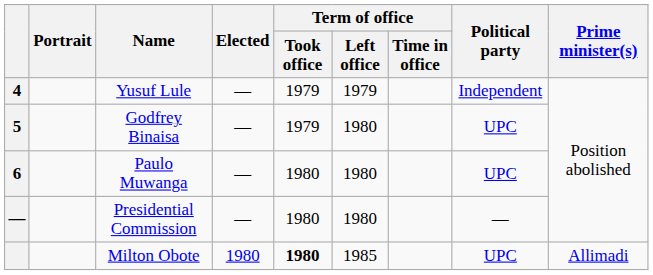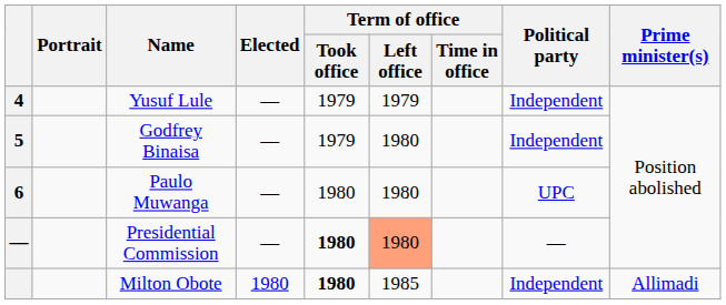 <table class="wikitable" style="text-align:center">
 <tr>
 <th rowspan="2"></th>
 <th rowspan="2">Portrait</th>
 <th rowspan="2">Name<br></th>
 <th rowspan="2">Elected</th>
 <th colspan="3">Term of office</th>
 <th rowspan="2">Political party</th>
 <th rowspan="2"><a href='#'>Prime minister(s)</a></th>
 </tr>
 <tr>
 <th>Took office</th>
 <th>Left office</th>
 <th>Time in office</th>
 </tr>
 <tr>
 <th style="background:">4</th>
 <td></td>
 <td><a href='#'>Yusuf Lule</a><br></td>
 <td>—</td>
 <td> 1979</td>
 <td> 1979<br></td>
 <td></td>
 <td><a href='#'>Independent</a><br></td>
 <td rowspan=4>Position abolished</td>
 </tr>
 <tr>
 <th style="background:">5</th>
 <td></td>
 <td><a href='#'>Godfrey Binaisa</a><br></td>
 <td>—</td>
 <td> 1979</td>
 <td> 1980<br></td>
 <td></td>
-<td><a href='#'>UPC</a><br></td>
+<td><a href='#'>Independent</a><br></td>
 </tr>
 <tr>
 <th style="background:">6</th>
 <td></td>
 <td><a href='#'>Paulo Muwanga</a><br></td>
 <td>—</td>
 <td> 1980</td>
 <td> 1980<br></td>
 <td></td>
 <td><a href='#'>UPC</a><br></td>
 </tr>
 <tr>
 <th>—</th>
 <td></td>
 <td><a href='#'>Presidential Commission</a></td>
 <td>—</td>
-<td> 1980</td>
-<td> 1980</td>
+<td><strong> 1980</strong></td>
+<td style="background: lightsalmon;"> 1980</td>
 <td></td>
 <td>—</td>
 </tr>
 <tr>
 <th style="background:"></th>
 <td></td>
 <td><a href='#'>Milton Obote</a><br></td>
 <td><a href='#'>1980</a></td>
 <td><strong> 1980</strong></td>
 <td> 1985<br></td>
 <td></td>
-<td><a href='#'>UPC</a></td>
+<td><a href='#'>Independent</a><br></td>
 <td><a href='#'>Allimadi</a></td>
 </tr>
 </table>
